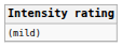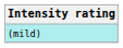 <table class="wikitable" border=1 style="font-size: 90%">
 <tr>
 <th>Intensity rating</th>
 </tr>
 <tr>
-<td><small>(mild)</small>       </td>
+<td style="background: paleturquoise;"><small>(mild)</small>       </td>
 </tr>
 <tr>
 </tr>
 </table>
